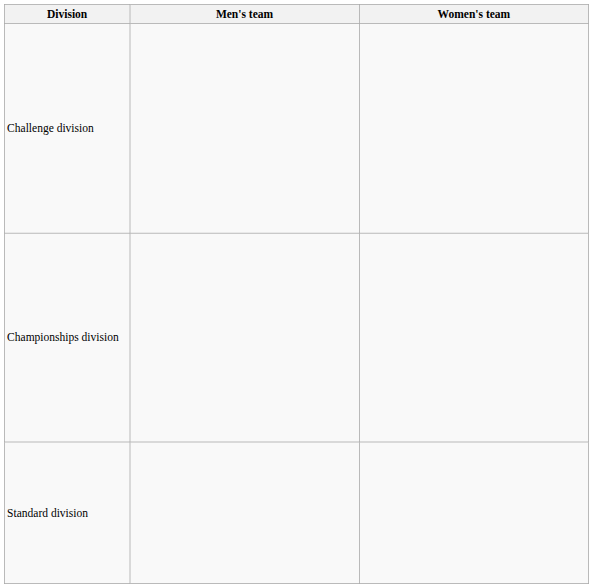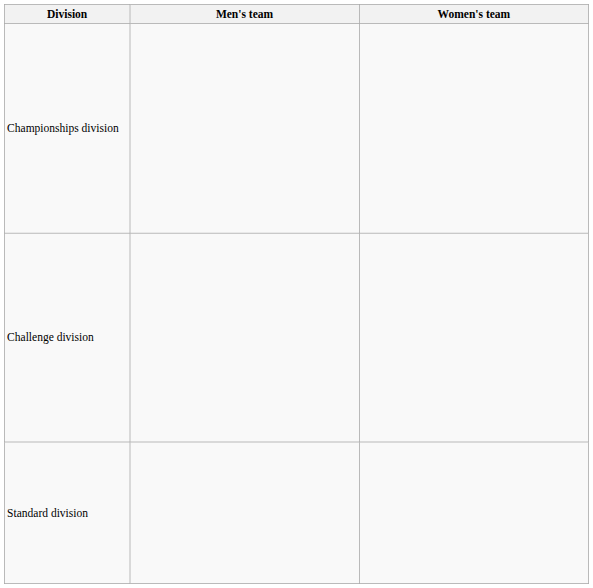 <table class="wikitable" style="font-size:90%">
 <tr>
 <th width=150>Division</th>
 <th width=280>Men's team</th>
 <th width=280>Women's team</th>
 </tr>
 <tr>
-<td>Challenge division</td>
+<td>Championships division</td>
 <td><br> <br> <br> <br> <br> <br> <br> <br>   <br> <br> <br> <br> <br> <br> <br>  </td>
 <td><br> <br> <br> <br> <br> <br> <br> <br>   <br> <br> <br> <br> <br> <br> <br>  </td>
 </tr>
 <tr>
-<td>Championships division</td>
+<td>Challenge division</td>
 <td><br> <br> <br> <br> <br> <br> <br> <br>   <br> <br> <br> <br> <br> <br> <br>  </td>
 <td><br> <br> <br> <br> <br> <br> <br> <br>   <br> <br> <br> <br> <br> <br> <br>  </td>
 </tr>
 <tr>
 <td>Standard division</td>
 <td><br> <br> <br> <br> <br> <br>   <br> <br> <br> <br>  </td>
 <td><br> <br> <br> <br> </td>
 </tr>
 </table>
